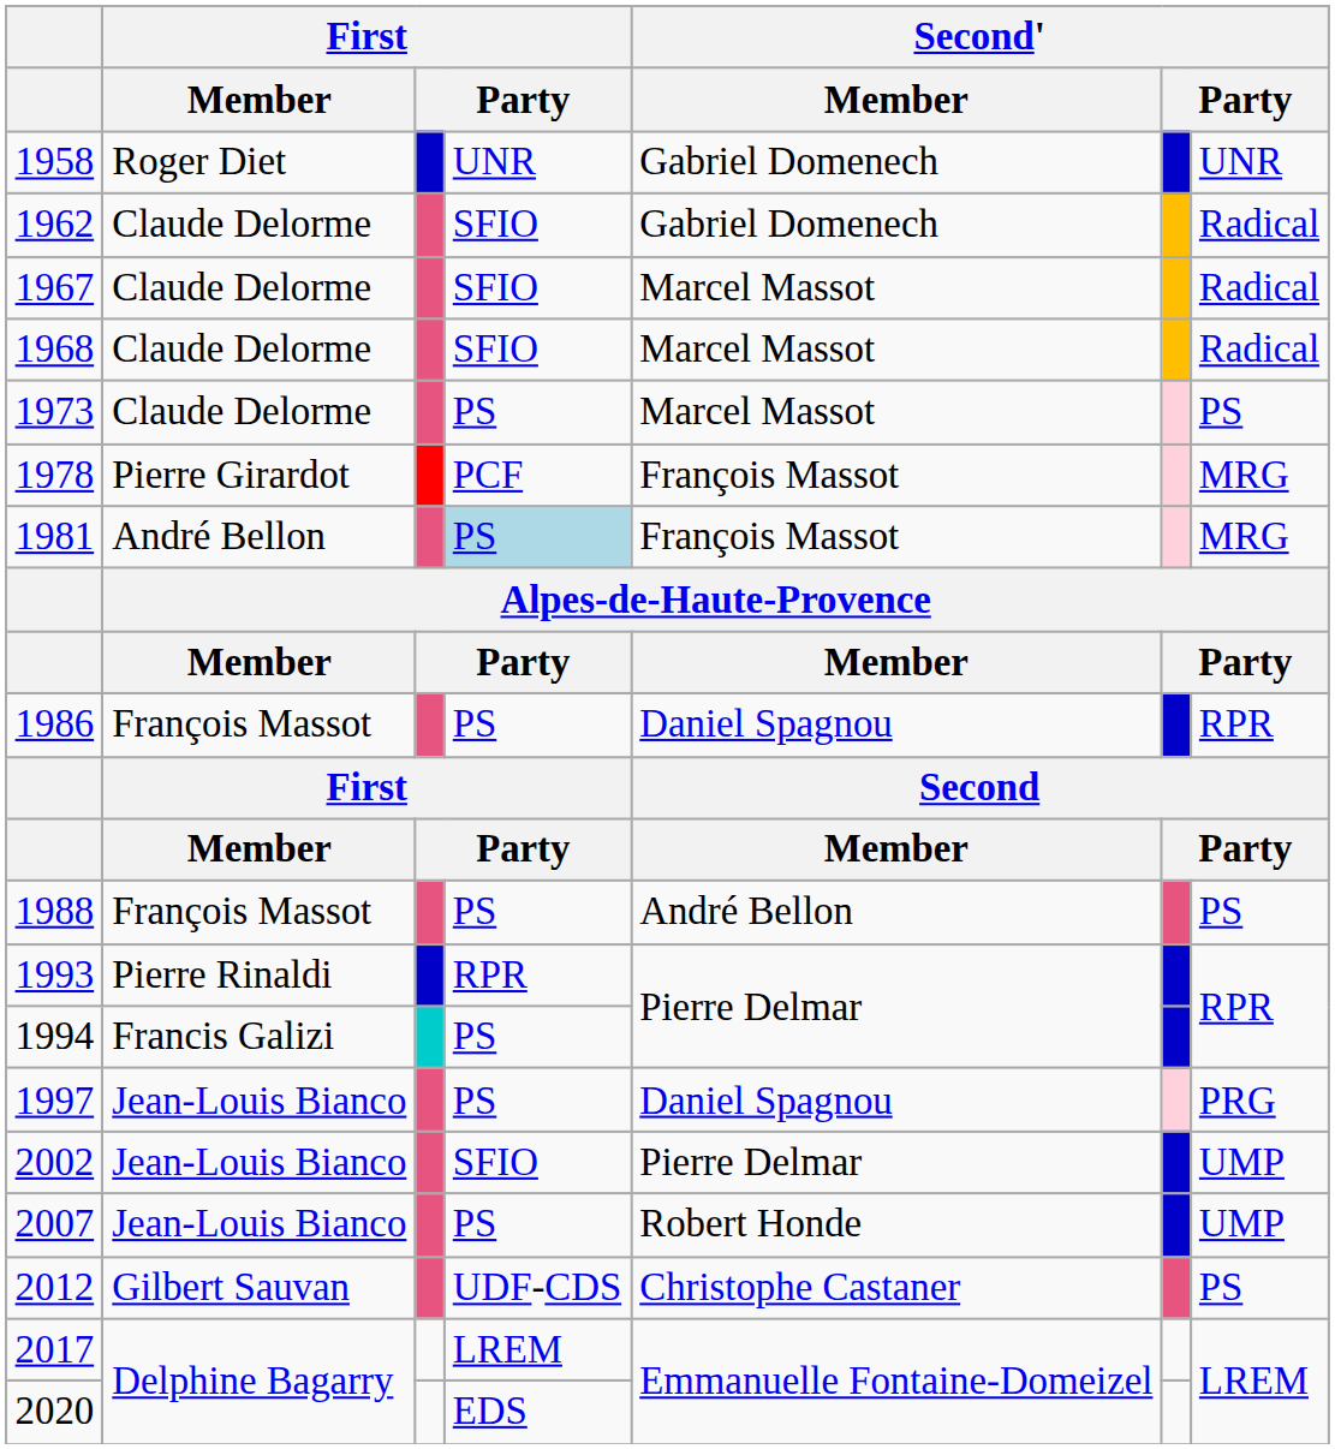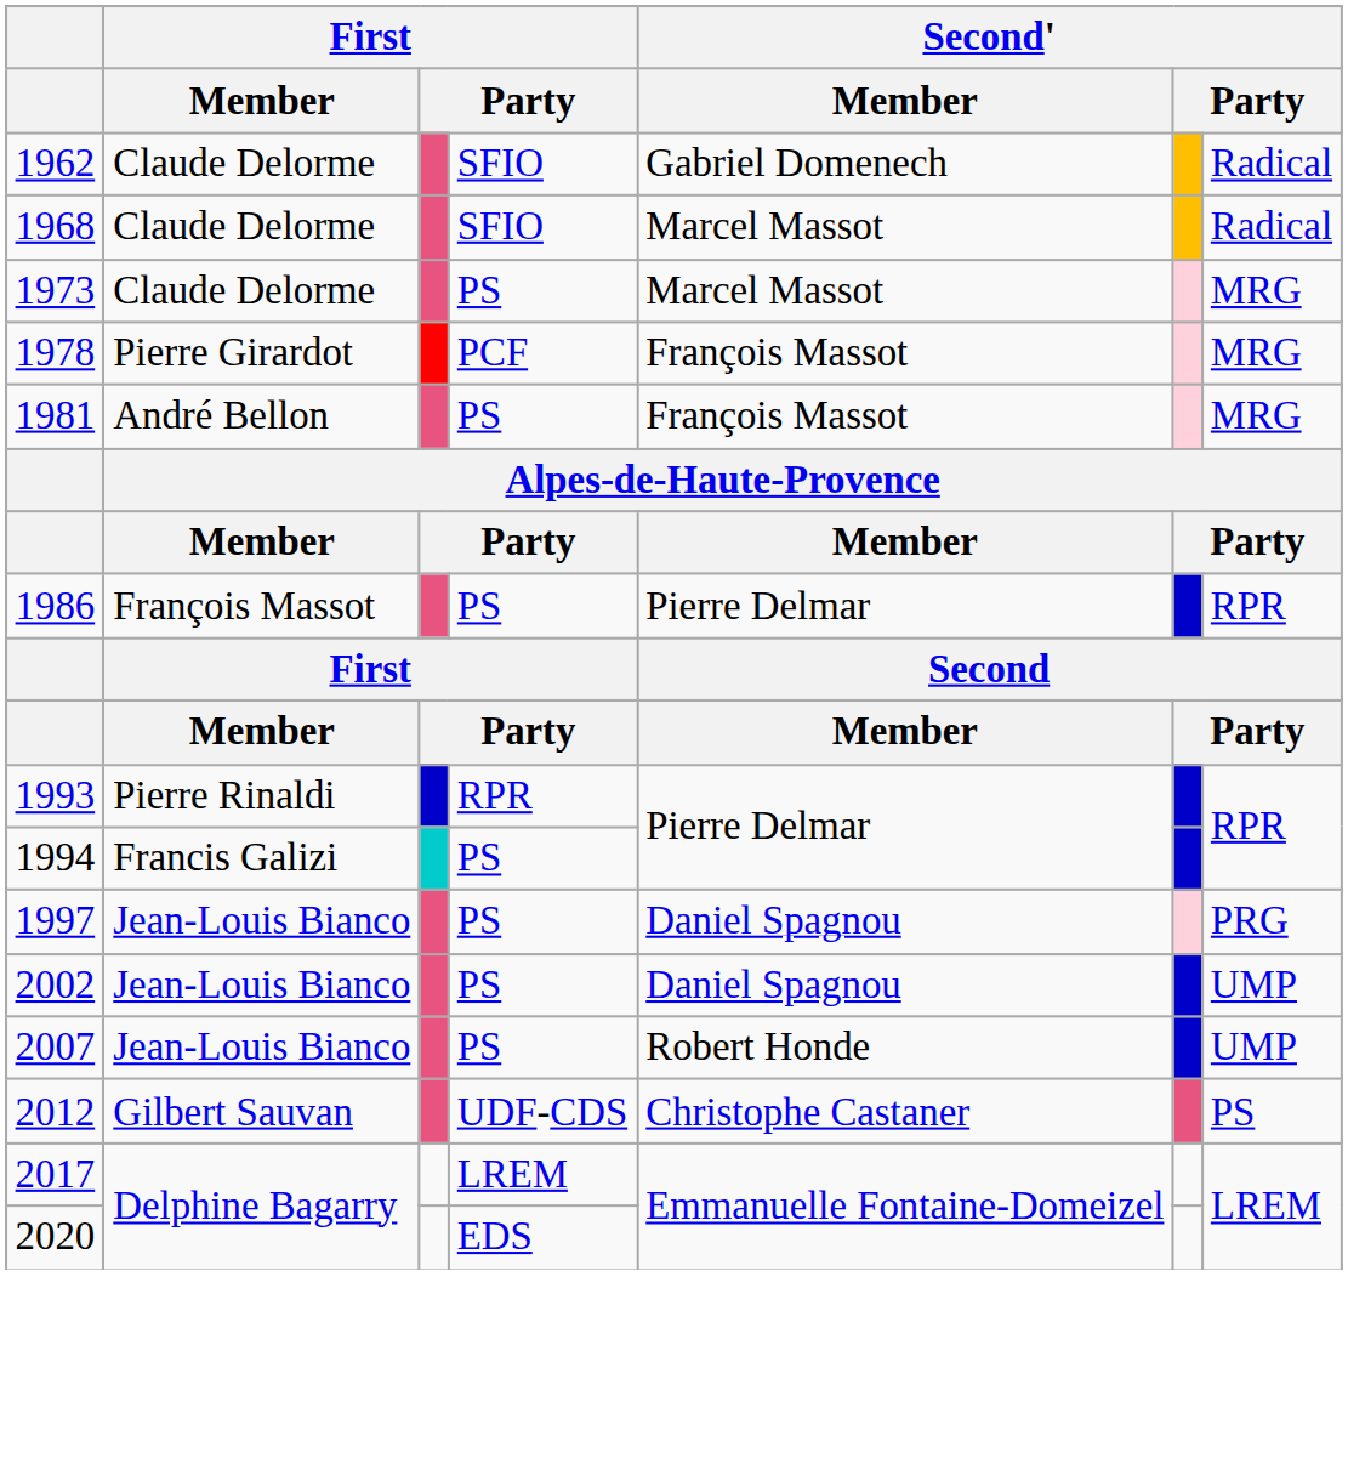 <table class="wikitable">
 <tr>
 <th></th>
 <th colspan=3><a href='#'>First</a></th>
 <th colspan=3><a href='#'>Second</a>'</th>
 </tr>
 <tr>
 <th></th>
 <th>Member</th>
 <th colspan=2>Party</th>
 <th>Member</th>
 <th colspan=2>Party</th>
 </tr>
 <tr>
-<td><a href='#'>1958</a></td>
-<td>Roger Diet</td>
-<td style="background:#0000C8"></td>
-<td><a href='#'>UNR</a></td>
-<td>Gabriel Domenech</td>
-<td style="background:#0000C8"></td>
-<td><a href='#'>UNR</a></td>
-</tr>
-<tr>
 <td><a href='#'>1962</a></td>
 <td>Claude Delorme</td>
 <td style="background:#E75480"></td>
 <td><a href='#'>SFIO</a></td>
 <td>Gabriel Domenech</td>
-<td style="background:#FFBF00"></td>
-<td><a href='#'>Radical</a></td>
-</tr>
-<tr>
-<td><a href='#'>1967</a></td>
-<td>Claude Delorme</td>
-<td style="background:#E75480"></td>
-<td><a href='#'>SFIO</a></td>
-<td>Marcel Massot</td>
 <td style="background:#FFBF00"></td>
 <td><a href='#'>Radical</a></td>
 </tr>
 <tr>
 <td><a href='#'>1968</a></td>
 <td>Claude Delorme</td>
 <td style="background:#E75480"></td>
 <td><a href='#'>SFIO</a></td>
 <td>Marcel Massot</td>
 <td style="background:#FFBF00"></td>
 <td><a href='#'>Radical</a></td>
 </tr>
 <tr>
 <td><a href='#'>1973</a></td>
 <td>Claude Delorme</td>
 <td style="background:#E75480"></td>
 <td><a href='#'>PS</a></td>
 <td>Marcel Massot</td>
 <td style="background:#FFD1DC"></td>
-<td><a href='#'>PS</a></td>
+<td><a href='#'>MRG</a></td>
 </tr>
 <tr>
 <td><a href='#'>1978</a></td>
 <td>Pierre Girardot</td>
 <td style="background:#FF0000"></td>
 <td><a href='#'>PCF</a></td>
 <td>François Massot</td>
 <td style="background:#FFD1DC"></td>
 <td><a href='#'>MRG</a></td>
 </tr>
 <tr>
 <td><a href='#'>1981</a></td>
 <td>André Bellon</td>
 <td style="background:#E75480"></td>
-<td style="background: lightblue;"><a href='#'>PS</a></td>
+<td><a href='#'>PS</a></td>
 <td>François Massot</td>
 <td style="background:#FFD1DC"></td>
 <td><a href='#'>MRG</a></td>
 </tr>
 <tr>
 <th></th>
 <th colspan=6><a href='#'>Alpes-de-Haute-Provence</a></th>
 </tr>
 <tr>
 <th></th>
 <th>Member</th>
 <th colspan=2>Party</th>
 <th>Member</th>
 <th colspan=2>Party</th>
 </tr>
 <tr>
 <td><a href='#'>1986</a></td>
 <td>François Massot</td>
 <td style="background:#E75480"></td>
 <td><a href='#'>PS</a></td>
-<td><a href='#'>Daniel Spagnou</a></td>
+<td>Pierre Delmar</td>
 <td style="background:#0000C8"></td>
 <td><a href='#'>RPR</a></td>
 </tr>
 <tr>
 <th></th>
 <th colspan=3><a href='#'>First</a></th>
 <th colspan=3><a href='#'>Second</a></th>
 </tr>
 <tr>
 <th></th>
 <th>Member</th>
 <th colspan=2>Party</th>
 <th>Member</th>
 <th colspan=2>Party</th>
-</tr>
-<tr>
-<td><a href='#'>1988</a></td>
-<td>François Massot</td>
-<td style="background:#E75480"></td>
-<td><a href='#'>PS</a></td>
-<td>André Bellon</td>
-<td style="background:#E75480"></td>
-<td><a href='#'>PS</a></td>
 </tr>
 <tr>
 <td><a href='#'>1993</a></td>
 <td>Pierre Rinaldi</td>
 <td style="background:#0000C8"></td>
 <td><a href='#'>RPR</a></td>
 <td rowspan=2>Pierre Delmar</td>
 <td style="background:#0000C8"></td>
 <td rowspan=2><a href='#'>RPR</a></td>
 </tr>
 <tr>
 <td>1994</td>
 <td>Francis Galizi</td>
 <td style="background:#00CCCC"></td>
 <td><a href='#'>PS</a></td>
 <td style="background:#0000C8"></td>
 </tr>
 <tr>
 <td><a href='#'>1997</a></td>
 <td><a href='#'>Jean-Louis Bianco</a></td>
 <td style="background:#E75480"></td>
 <td><a href='#'>PS</a></td>
 <td><a href='#'>Daniel Spagnou</a></td>
 <td style="background:#FFD1DC"></td>
 <td><a href='#'>PRG</a></td>
 </tr>
 <tr>
 <td><a href='#'>2002</a></td>
 <td><a href='#'>Jean-Louis Bianco</a></td>
 <td style="background:#E75480"> </td>
-<td><a href='#'>SFIO</a></td>
-<td>Pierre Delmar</td>
+<td><a href='#'>PS</a></td>
+<td><a href='#'>Daniel Spagnou</a></td>
 <td style="background:#0000C8"></td>
 <td><a href='#'>UMP</a></td>
 </tr>
 <tr>
 <td><a href='#'>2007</a></td>
 <td><a href='#'>Jean-Louis Bianco</a></td>
 <td style="background:#E75480"></td>
 <td><a href='#'>PS</a></td>
 <td>Robert Honde</td>
 <td style="background:#0000C8"> </td>
 <td><a href='#'>UMP</a></td>
 </tr>
 <tr>
 <td><a href='#'>2012</a></td>
 <td><a href='#'>Gilbert Sauvan</a></td>
 <td style="background:#E75480"></td>
 <td><a href='#'>UDF</a>-<a href='#'>CDS</a></td>
 <td><a href='#'>Christophe Castaner</a></td>
 <td style="background:#E75480"> </td>
 <td><a href='#'>PS</a></td>
 </tr>
 <tr>
 <td><a href='#'>2017</a></td>
 <td rowspan=2><a href='#'>Delphine Bagarry</a></td>
 <td style="background-color:"></td>
 <td><a href='#'>LREM</a></td>
 <td rowspan=2><a href='#'>Emmanuelle Fontaine-Domeizel</a></td>
 <td style="background-color:"></td>
 <td rowspan=2><a href='#'>LREM</a></td>
 </tr>
 <tr>
 <td>2020</td>
 <td style="background-color:"></td>
 <td><a href='#'>EDS</a></td>
 <td style="background-color:"></td>
 </tr>
 </table>
